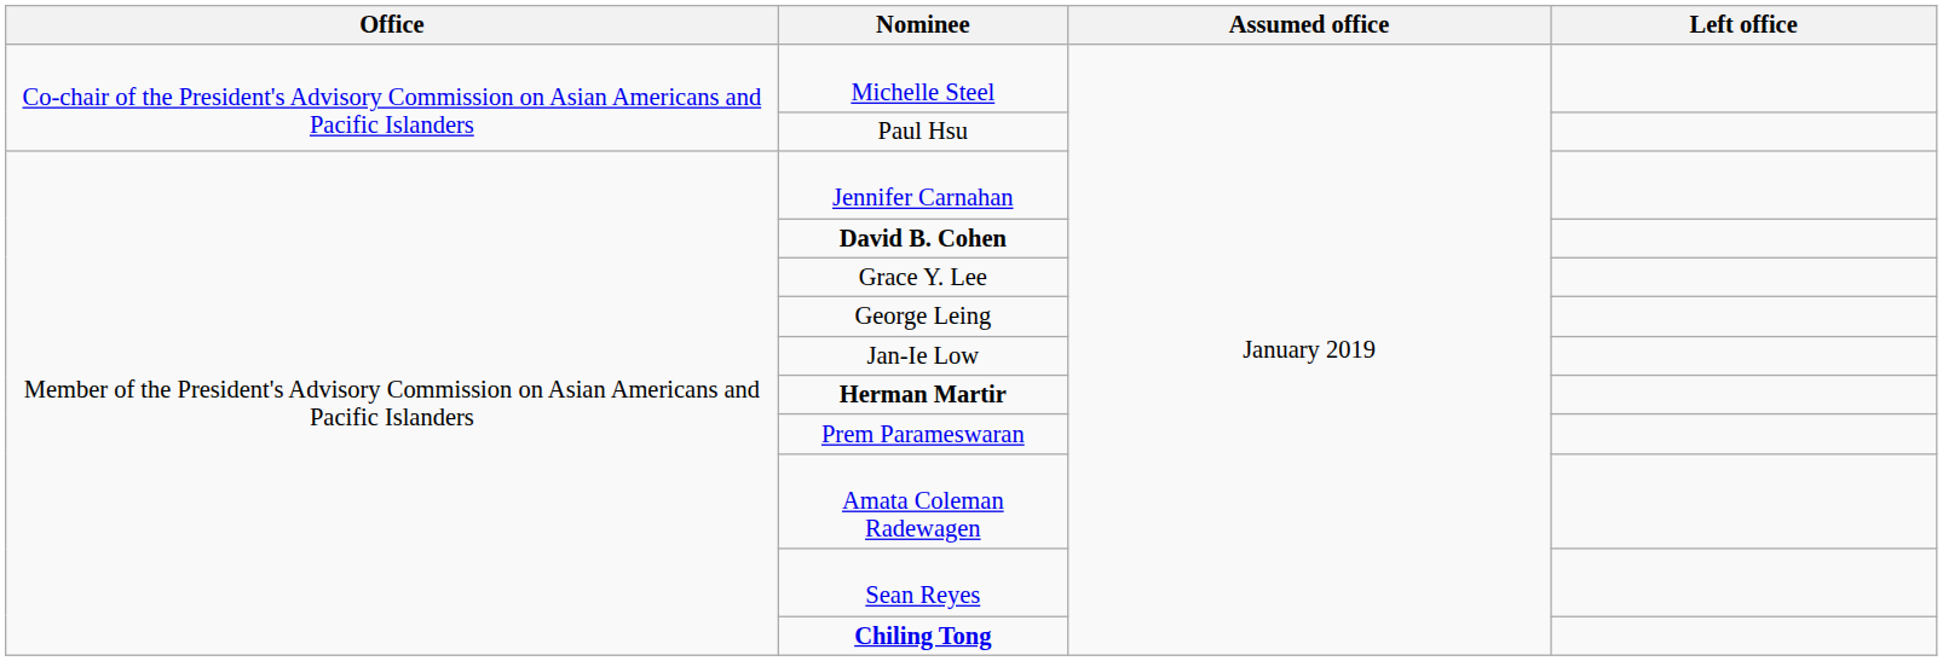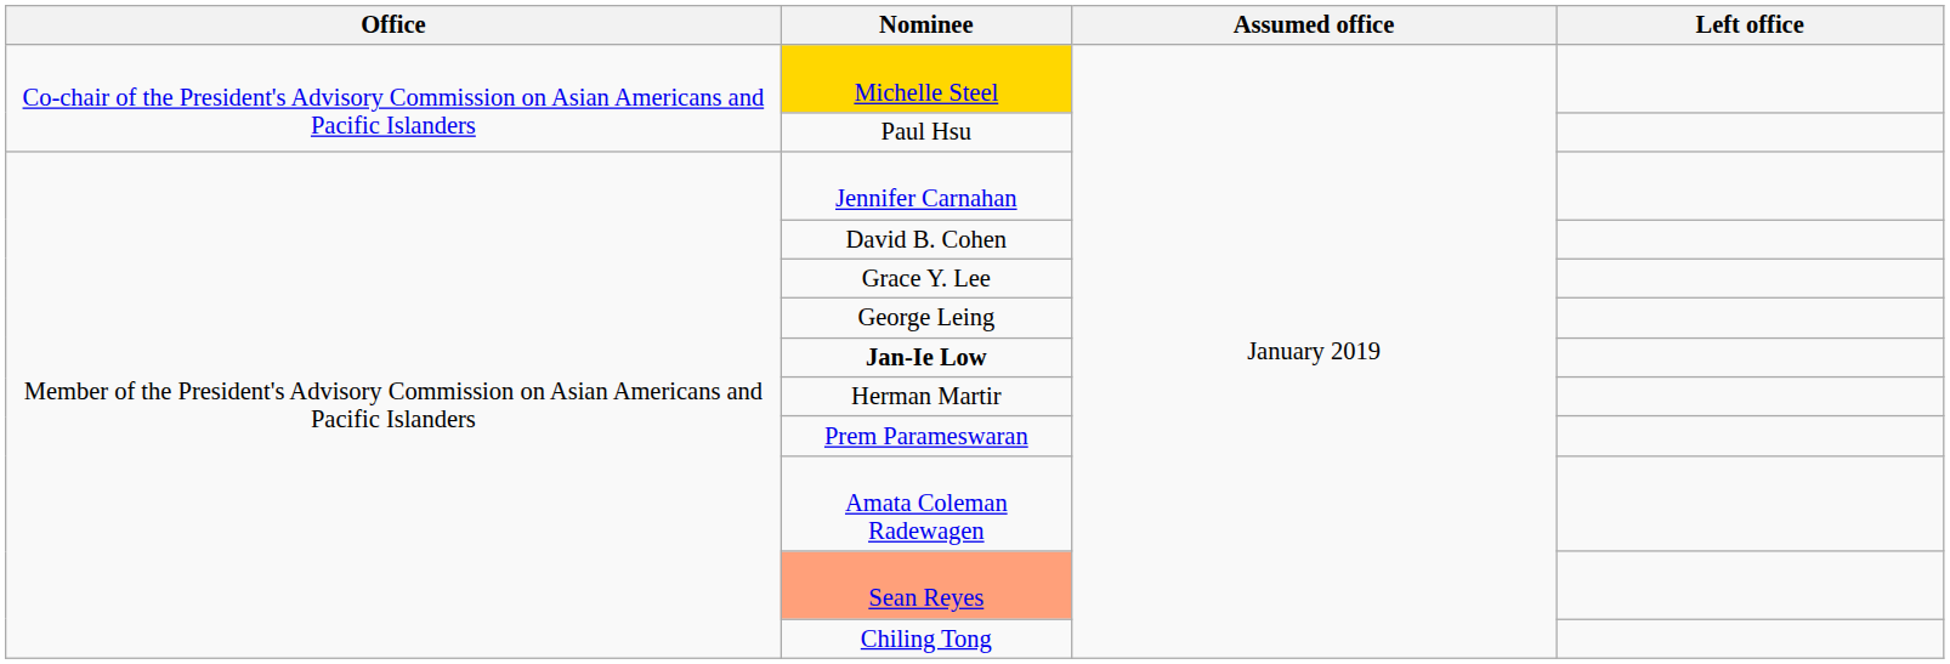 <table class="wikitable sortable" style="text-align:center">
 <tr>
 <th style="width:40%;">Office</th>
 <th style="width:15%;">Nominee</th>
 <th style="width:25%;" data-sort- type="date">Assumed office</th>
 <th style="width:20%;" data-sort- type="date">Left office</th>
 </tr>
 <tr>
 <td rowspan="2"><br><a href='#'>Co-chair of the President's Advisory Commission on Asian Americans and Pacific Islanders</a></td>
-<td><br><a href='#'>Michelle Steel</a></td>
+<td style="background: gold;"><br><a href='#'>Michelle Steel</a></td>
 <td rowspan="12">January 2019</td>
 <td></td>
 </tr>
 <tr>
 <td>Paul Hsu</td>
 <td></td>
 </tr>
 <tr>
 <td rowspan="10">Member of the President's Advisory Commission on Asian Americans and Pacific Islanders</td>
 <td><br> <a href='#'>Jennifer Carnahan</a></td>
 <td></td>
 </tr>
 <tr>
-<td><strong>David B. Cohen</strong></td>
+<td>David B. Cohen</td>
 <td></td>
 </tr>
 <tr>
 <td>Grace Y. Lee</td>
 <td></td>
 </tr>
 <tr>
 <td>George Leing</td>
 <td></td>
 </tr>
 <tr>
-<td>Jan-Ie Low</td>
+<td><strong>Jan-Ie Low</strong></td>
 <td></td>
 </tr>
 <tr>
-<td><strong>Herman Martir</strong></td>
+<td>Herman Martir</td>
 <td></td>
 </tr>
 <tr>
 <td><a href='#'>Prem Parameswaran</a></td>
 <td></td>
 </tr>
 <tr>
 <td><br><a href='#'>Amata Coleman Radewagen</a></td>
 <td></td>
 </tr>
 <tr>
-<td><br><a href='#'>Sean Reyes</a></td>
+<td style="background: lightsalmon;"><br><a href='#'>Sean Reyes</a></td>
 <td></td>
 </tr>
 <tr>
-<td><strong><a href='#'>Chiling Tong</a></strong></td>
+<td><a href='#'>Chiling Tong</a></td>
 <td></td>
 </tr>
 </table>
